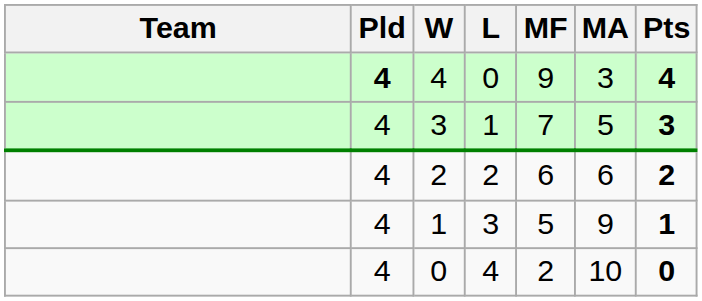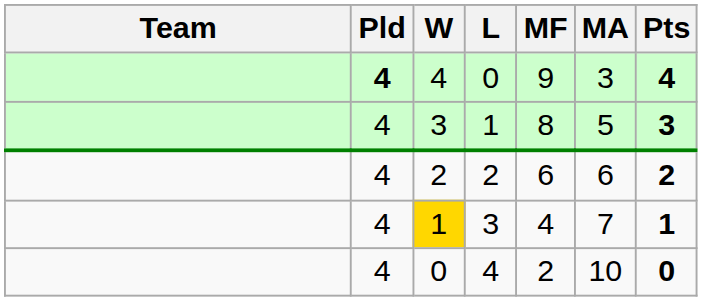 <table class=wikitable style="text-align:center">
 <tr>
 <th width=175>Team</th>
 <th width=20>Pld</th>
 <th width=20>W</th>
 <th width=20>L</th>
 <th width=20>MF</th>
 <th width=20>MA</th>
 <th width=20>Pts</th>
 </tr>
 <tr bgcolor=ccffcc>
 <td style="text-align:left"></td>
 <td><strong>4</strong></td>
 <td>4</td>
 <td>0</td>
 <td>9</td>
 <td>3</td>
 <td><strong>4</strong></td>
 </tr>
 <tr bgcolor=ccffcc style="border-bottom:2px solid green;">
 <td style="text-align:left"></td>
 <td>4</td>
 <td>3</td>
 <td>1</td>
-<td>7</td>
+<td>8</td>
 <td>5</td>
 <td><strong>3</strong></td>
 </tr>
 <tr>
 <td style="text-align:left"></td>
 <td>4</td>
 <td>2</td>
 <td>2</td>
 <td>6</td>
 <td>6</td>
 <td><strong>2</strong></td>
 </tr>
 <tr>
 <td style="text-align:left"></td>
 <td>4</td>
-<td>1</td>
+<td style="background: gold;">1</td>
 <td>3</td>
-<td>5</td>
-<td>9</td>
+<td>4</td>
+<td>7</td>
 <td><strong>1</strong></td>
 </tr>
 <tr>
 <td style="text-align:left"></td>
 <td>4</td>
 <td>0</td>
 <td>4</td>
 <td>2</td>
 <td>10</td>
 <td><strong>0</strong></td>
 </tr>
 </table>
